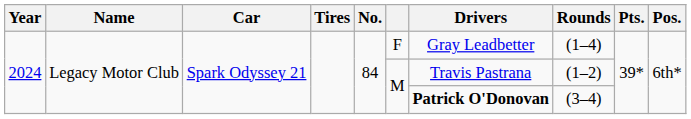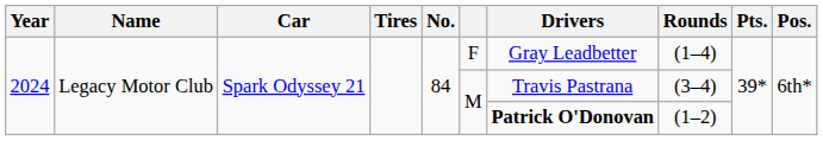 <table class="wikitable" style="text-align:center; font-size:85%">
 <tr>
 <th>Year</th>
 <th>Name</th>
 <th>Car</th>
 <th>Tires</th>
 <th>No.</th>
 <th></th>
 <th>Drivers</th>
 <th>Rounds</th>
 <th>Pts.</th>
 <th>Pos.</th>
 </tr>
 <tr>
 <td rowspan="3"><a href='#'>2024</a></td>
 <td rowspan="3"> Legacy Motor Club</td>
 <td rowspan="3"><a href='#'>Spark Odyssey 21</a></td>
 <td rowspan="3"></td>
 <td rowspan="3">84</td>
 <td>F</td>
 <td> <a href='#'>Gray Leadbetter</a></td>
 <td>(1–4)</td>
 <td rowspan="3">39*</td>
 <td rowspan="3">6th*</td>
 </tr>
 <tr>
 <td rowspan="2">M</td>
 <td> <a href='#'>Travis Pastrana</a></td>
-<td>(1–2)</td>
+<td>(3–4)</td>
 </tr>
 <tr>
 <td><strong> Patrick O'Donovan</strong></td>
-<td>(3–4)</td>
+<td>(1–2)</td>
 </tr>
 </table>
